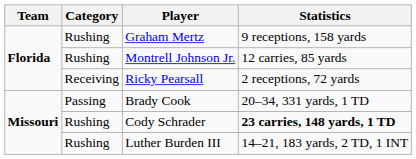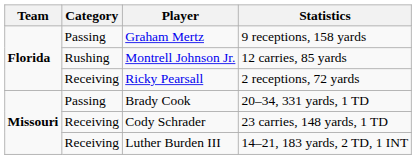 <table class="wikitable" style="float: right;">
 <tr>
 <th>Team</th>
 <th>Category</th>
 <th>Player</th>
 <th>Statistics</th>
 </tr>
 <tr>
 <td rowspan=3><strong>Florida</strong></td>
-<td>Rushing</td>
+<td>Passing</td>
 <td><a href='#'>Graham Mertz</a></td>
 <td>9 receptions, 158 yards</td>
 </tr>
 <tr>
 <td>Rushing</td>
 <td><a href='#'>Montrell Johnson Jr.</a></td>
 <td>12 carries, 85 yards</td>
 </tr>
 <tr>
 <td>Receiving</td>
 <td><a href='#'>Ricky Pearsall</a></td>
 <td>2 receptions, 72 yards</td>
 </tr>
 <tr>
 <td rowspan=3><strong>Missouri</strong></td>
 <td>Passing</td>
 <td>Brady Cook</td>
 <td>20–34, 331 yards, 1 TD</td>
 </tr>
 <tr>
-<td>Rushing</td>
+<td>Receiving</td>
 <td>Cody Schrader</td>
-<td><strong>23 carries, 148 yards, 1 TD</strong></td>
+<td>23 carries, 148 yards, 1 TD</td>
 </tr>
 <tr>
-<td>Rushing</td>
+<td>Receiving</td>
 <td>Luther Burden III</td>
 <td>14–21, 183 yards, 2 TD, 1 INT</td>
 </tr>
 </table>
